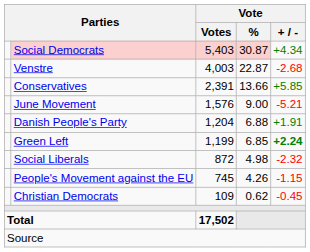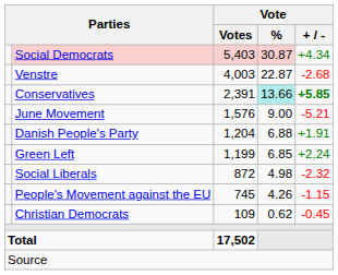 <table class="wikitable" style="text-align:right;">
 <tr>
 <th style="text-align:centre;" rowspan="2" colspan="2" width="225">Parties</th>
 <th colspan="3">Vote</th>
 </tr>
 <tr>
 <th width="15">Votes</th>
 <th width="15">%</th>
 <th width="15">+ / -</th>
 </tr>
 <tr>
 <td width="2" style="color:inherit;background:"></td>
 <td bgcolor=#fbd0ce   align="left"><a href='#'>Social Democrats</a></td>
 <td bgcolor=#fbd0ce>5,403</td>
 <td bgcolor=#fbd0ce>30.87</td>
 <td style=color:green;>+4.34</td>
 </tr>
 <tr>
 <td width="2" style="color:inherit;background:"></td>
 <td align="left"><a href='#'>Venstre</a></td>
 <td>4,003</td>
 <td>22.87</td>
 <td style=color:red;>-2.68</td>
 </tr>
 <tr>
 <td width="2" style="color:inherit;background:"></td>
 <td align="left"><a href='#'>Conservatives</a></td>
 <td>2,391</td>
-<td>13.66</td>
-<td style=color:green;>+5.85</td>
+<td style="background: paleturquoise;">13.66</td>
+<td style=color:green;><strong>+5.85</strong></td>
 </tr>
 <tr>
 <td width="2" style="color:inherit;background:"></td>
 <td align="left"><a href='#'>June Movement</a></td>
 <td>1,576</td>
 <td>9.00</td>
 <td style=color:red;>-5.21</td>
 </tr>
 <tr>
 <td width="2" style="color:inherit;background:"></td>
 <td align="left"><a href='#'>Danish People's Party</a></td>
 <td>1,204</td>
 <td>6.88</td>
 <td style=color:green;>+1.91</td>
 </tr>
 <tr>
 <td width="2" style="color:inherit;background:"></td>
 <td align="left"><a href='#'>Green Left</a></td>
 <td>1,199</td>
 <td>6.85</td>
-<td style=color:green;><strong>+2.24</strong></td>
+<td style=color:green;>+2.24</td>
 </tr>
 <tr>
 <td width="2" style="color:inherit;background:"></td>
 <td align="left"><a href='#'>Social Liberals</a></td>
 <td>872</td>
 <td>4.98</td>
 <td style=color:red;>-2.32</td>
 </tr>
 <tr>
 <td width="2" style="color:inherit;background:"></td>
 <td align="left"><a href='#'>People's Movement against the EU</a></td>
 <td>745</td>
 <td>4.26</td>
 <td style=color:red;>-1.15</td>
 </tr>
 <tr>
 <td width="2" style="color:inherit;background:"></td>
 <td align="left"><a href='#'>Christian Democrats</a></td>
 <td>109</td>
 <td>0.62</td>
 <td style=color:red;>-0.45</td>
 </tr>
 <tr>
 <td colspan="7" bgcolor="#E9E9E9"></td>
 </tr>
 <tr>
 <td align="left" colspan="2"><strong>Total</strong></td>
 <td><strong>17,502</strong></td>
 <td bgcolor="#E9E9E9" colspan="2"></td>
 </tr>
 <tr>
 <td align="left" colspan="6">Source</td>
 </tr>
 </table>
